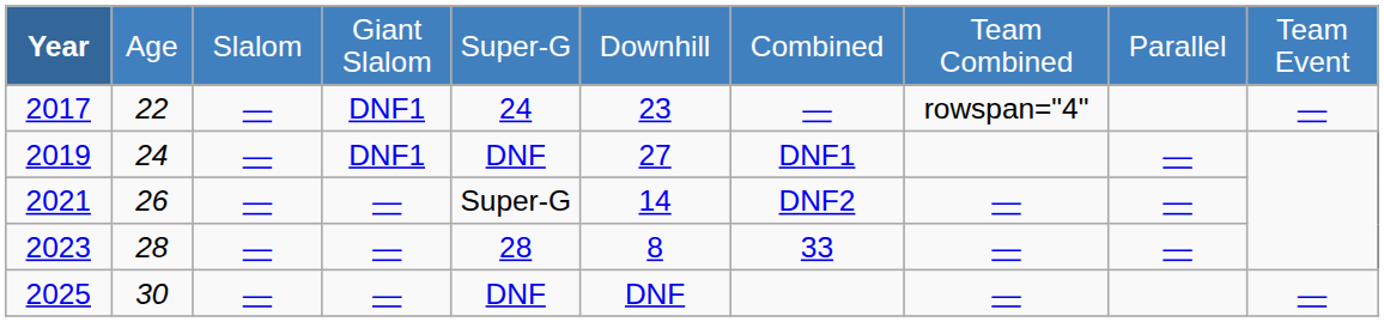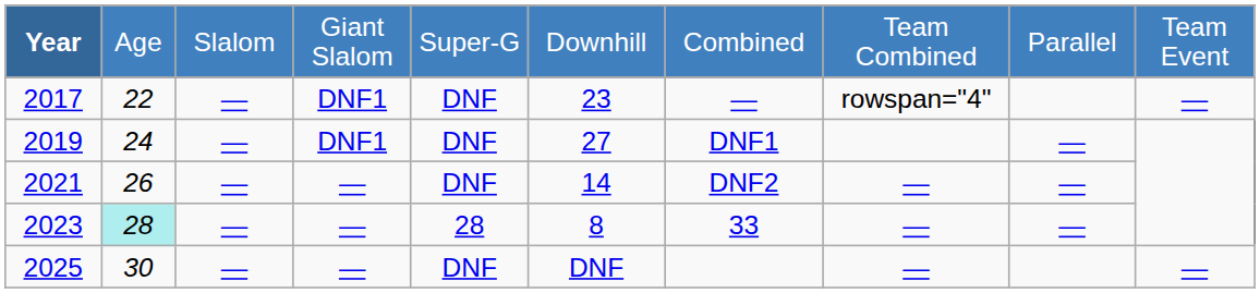 <table class="wikitable" style="font-size:95%; text-align:center; border:grey solid 1px; border-collapse:collapse;" width="45%">
 <tr style="background-color:#369; color:white;">
 <td rowspan="2" colspan="1" width="5%"><strong>Year</strong></td>
 </tr>
 <tr style="background-color:#4180be; color:white;">
 <td width="3%">Age</td>
 <td width="5%">Slalom</td>
 <td width="5%">Giant<br>Slalom</td>
 <td width="5%">Super-G</td>
 <td width="5%">Downhill</td>
 <td width="5%">Combined</td>
 <td width="5%">Team Combined</td>
 <td width="5%">Parallel</td>
 <td width="5%">Team<br> Event </td>
 </tr>
 <tr style="background-color:#8CB2D8; color:white;">
 </tr>
 <tr>
 <td><a href='#'>2017</a></td>
 <td><em>22</em></td>
 <td><a href='#'>—</a></td>
 <td><a href='#'>DNF1</a></td>
-<td><a href='#'>24</a></td>
+<td><a href='#'>DNF</a></td>
 <td><a href='#'>23</a></td>
 <td><a href='#'>—</a></td>
 <td>rowspan="4" </td>
 <td></td>
 <td><a href='#'>—</a></td>
 </tr>
 <tr>
 <td><a href='#'>2019</a></td>
 <td><em>24</em></td>
 <td><a href='#'>—</a></td>
 <td><a href='#'>DNF1</a></td>
 <td><a href='#'>DNF</a></td>
 <td><a href='#'>27</a></td>
 <td><a href='#'>DNF1</a></td>
 <td></td>
 <td><a href='#'>—</a></td>
 </tr>
 <tr>
 <td><a href='#'>2021</a></td>
 <td><em>26</em></td>
 <td><a href='#'>—</a></td>
 <td><a href='#'>—</a></td>
-<td width="5%">Super-G</td>
+<td><a href='#'>DNF</a></td>
 <td><a href='#'>14</a></td>
 <td><a href='#'>DNF2</a></td>
 <td><a href='#'>—</a></td>
 <td><a href='#'>—</a></td>
 </tr>
 <tr>
 <td><a href='#'>2023</a></td>
-<td><em>28</em></td>
+<td style="background: paleturquoise;"><em>28</em></td>
 <td><a href='#'>—</a></td>
 <td><a href='#'>—</a></td>
 <td><a href='#'>28</a></td>
 <td><a href='#'>8</a></td>
 <td><a href='#'>33</a></td>
 <td><a href='#'>—</a></td>
 <td><a href='#'>—</a></td>
 </tr>
 <tr>
 <td><a href='#'>2025</a></td>
 <td><em>30</em></td>
 <td><a href='#'>—</a></td>
 <td><a href='#'>—</a></td>
 <td><a href='#'>DNF</a></td>
 <td><a href='#'>DNF</a></td>
 <td></td>
 <td><a href='#'>—</a></td>
 <td></td>
 <td><a href='#'>—</a></td>
 </tr>
 </table>
